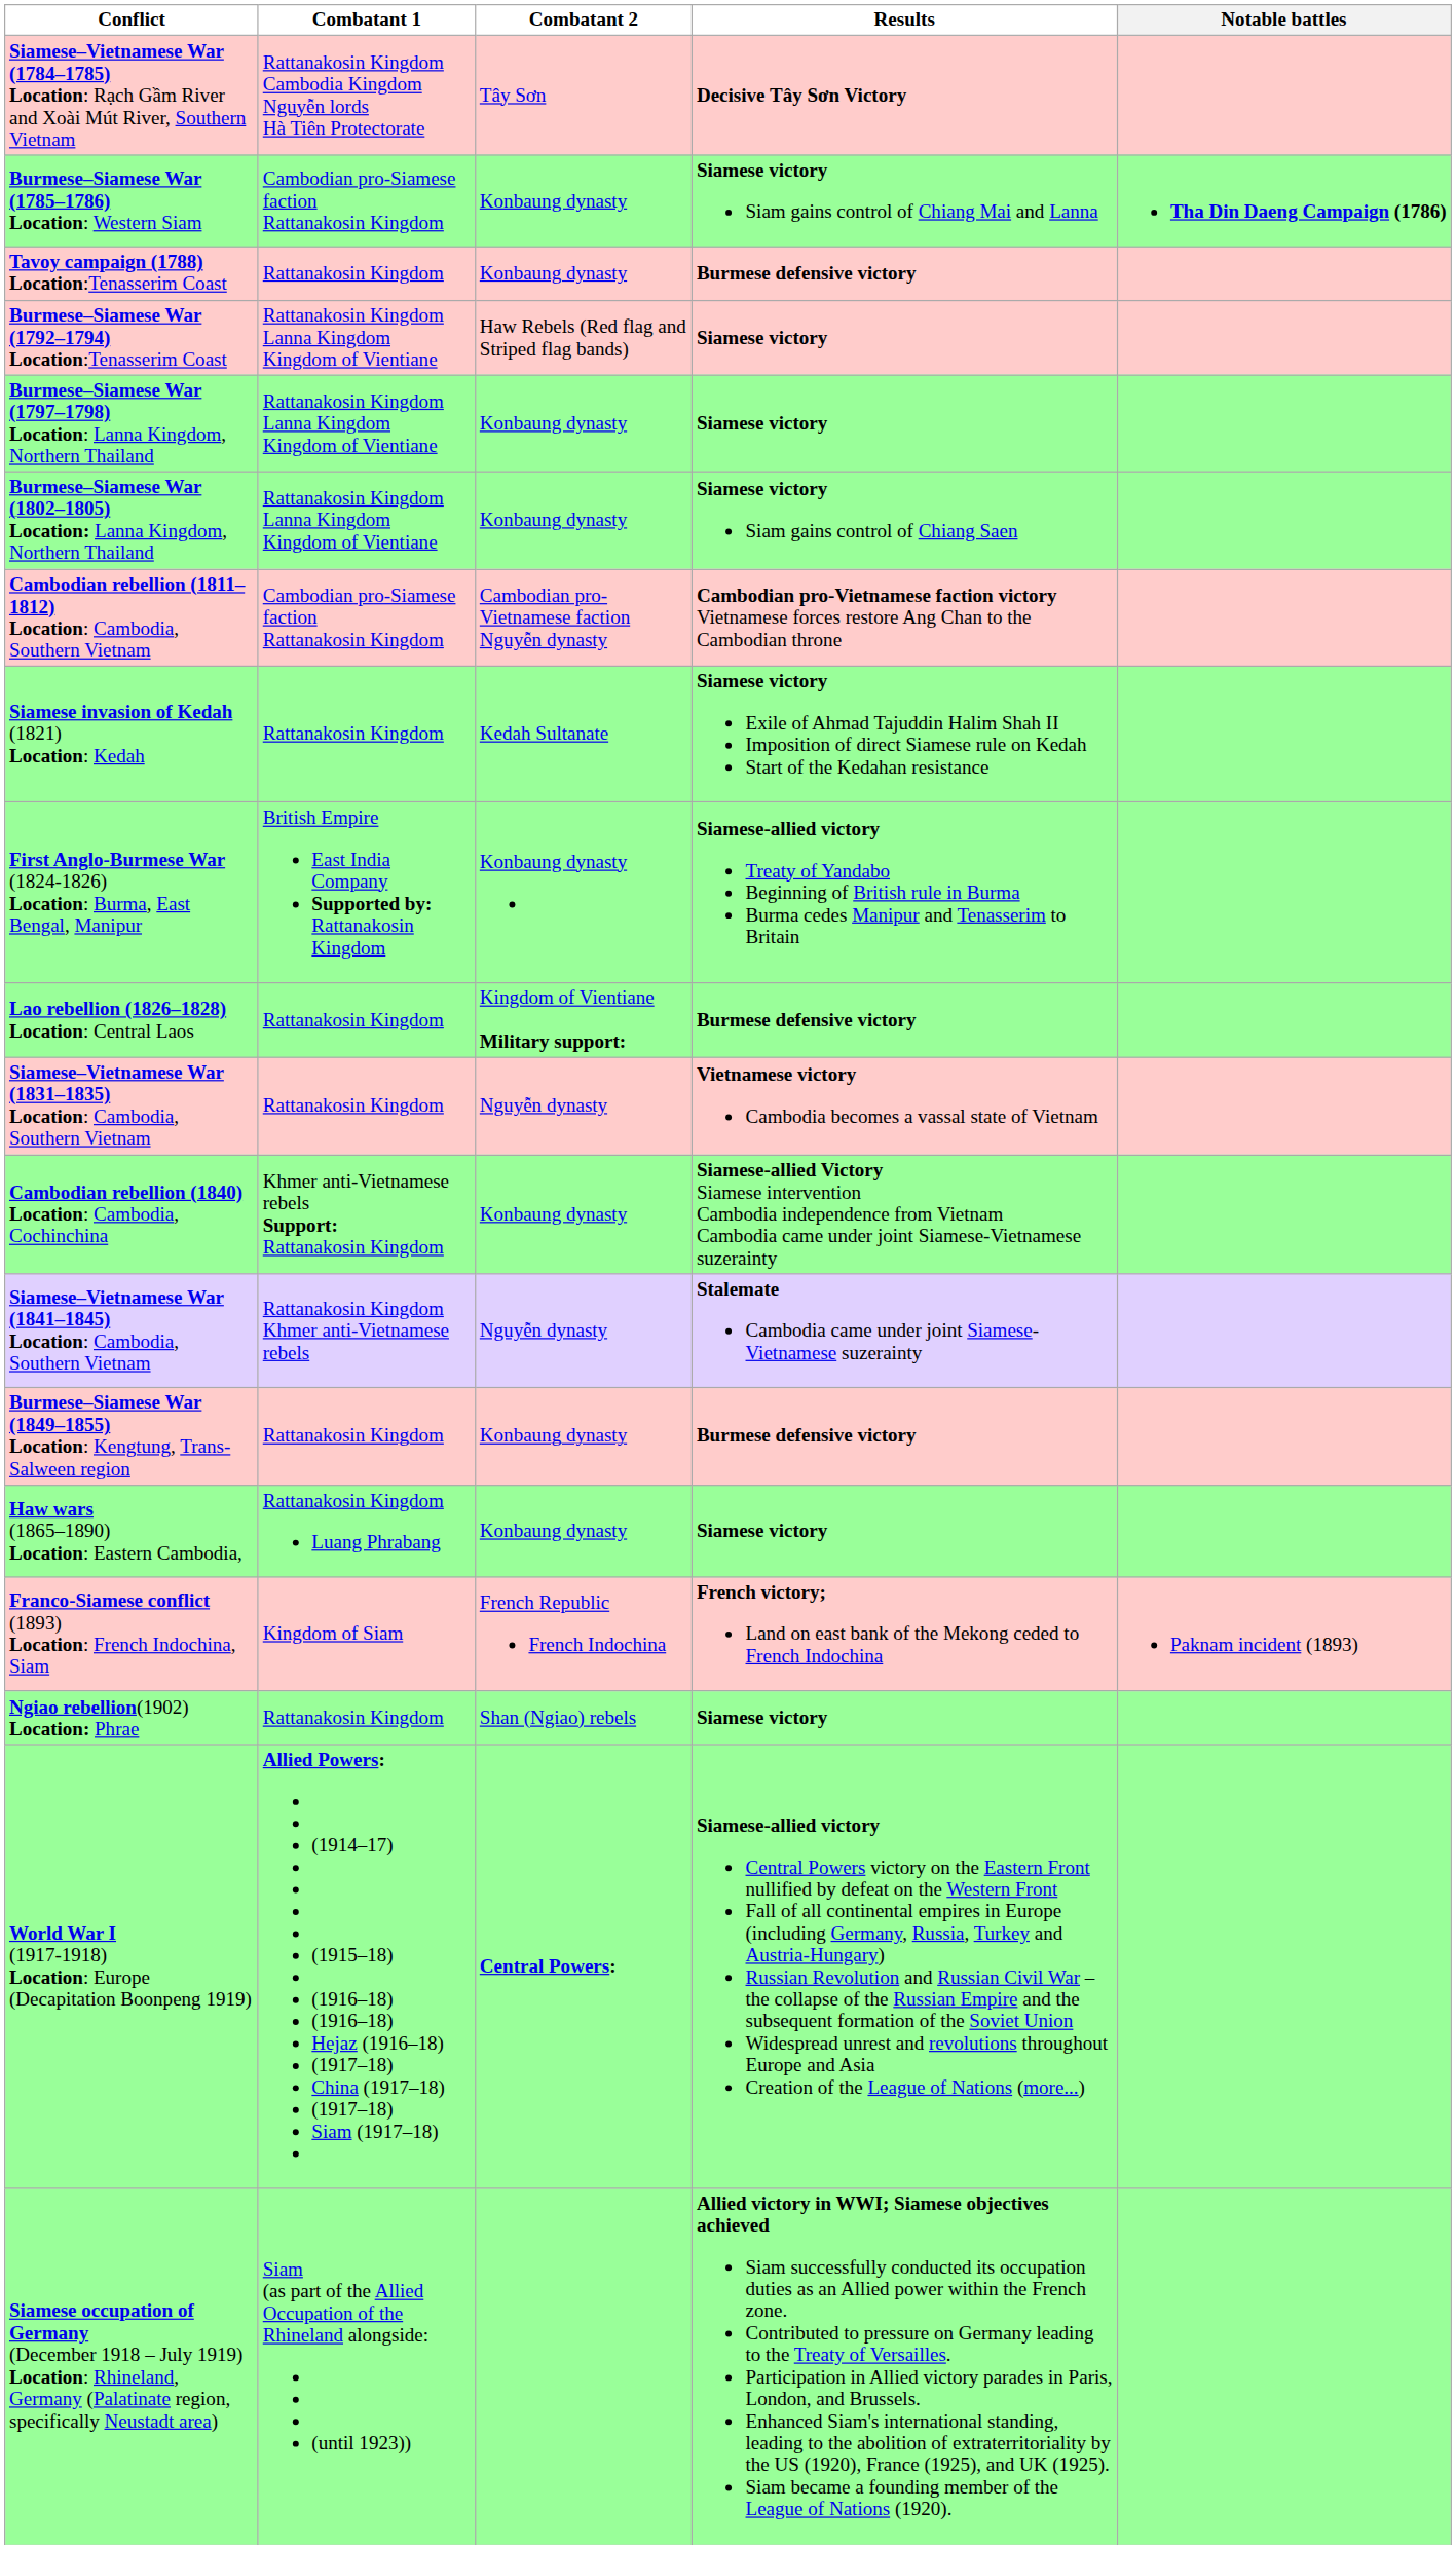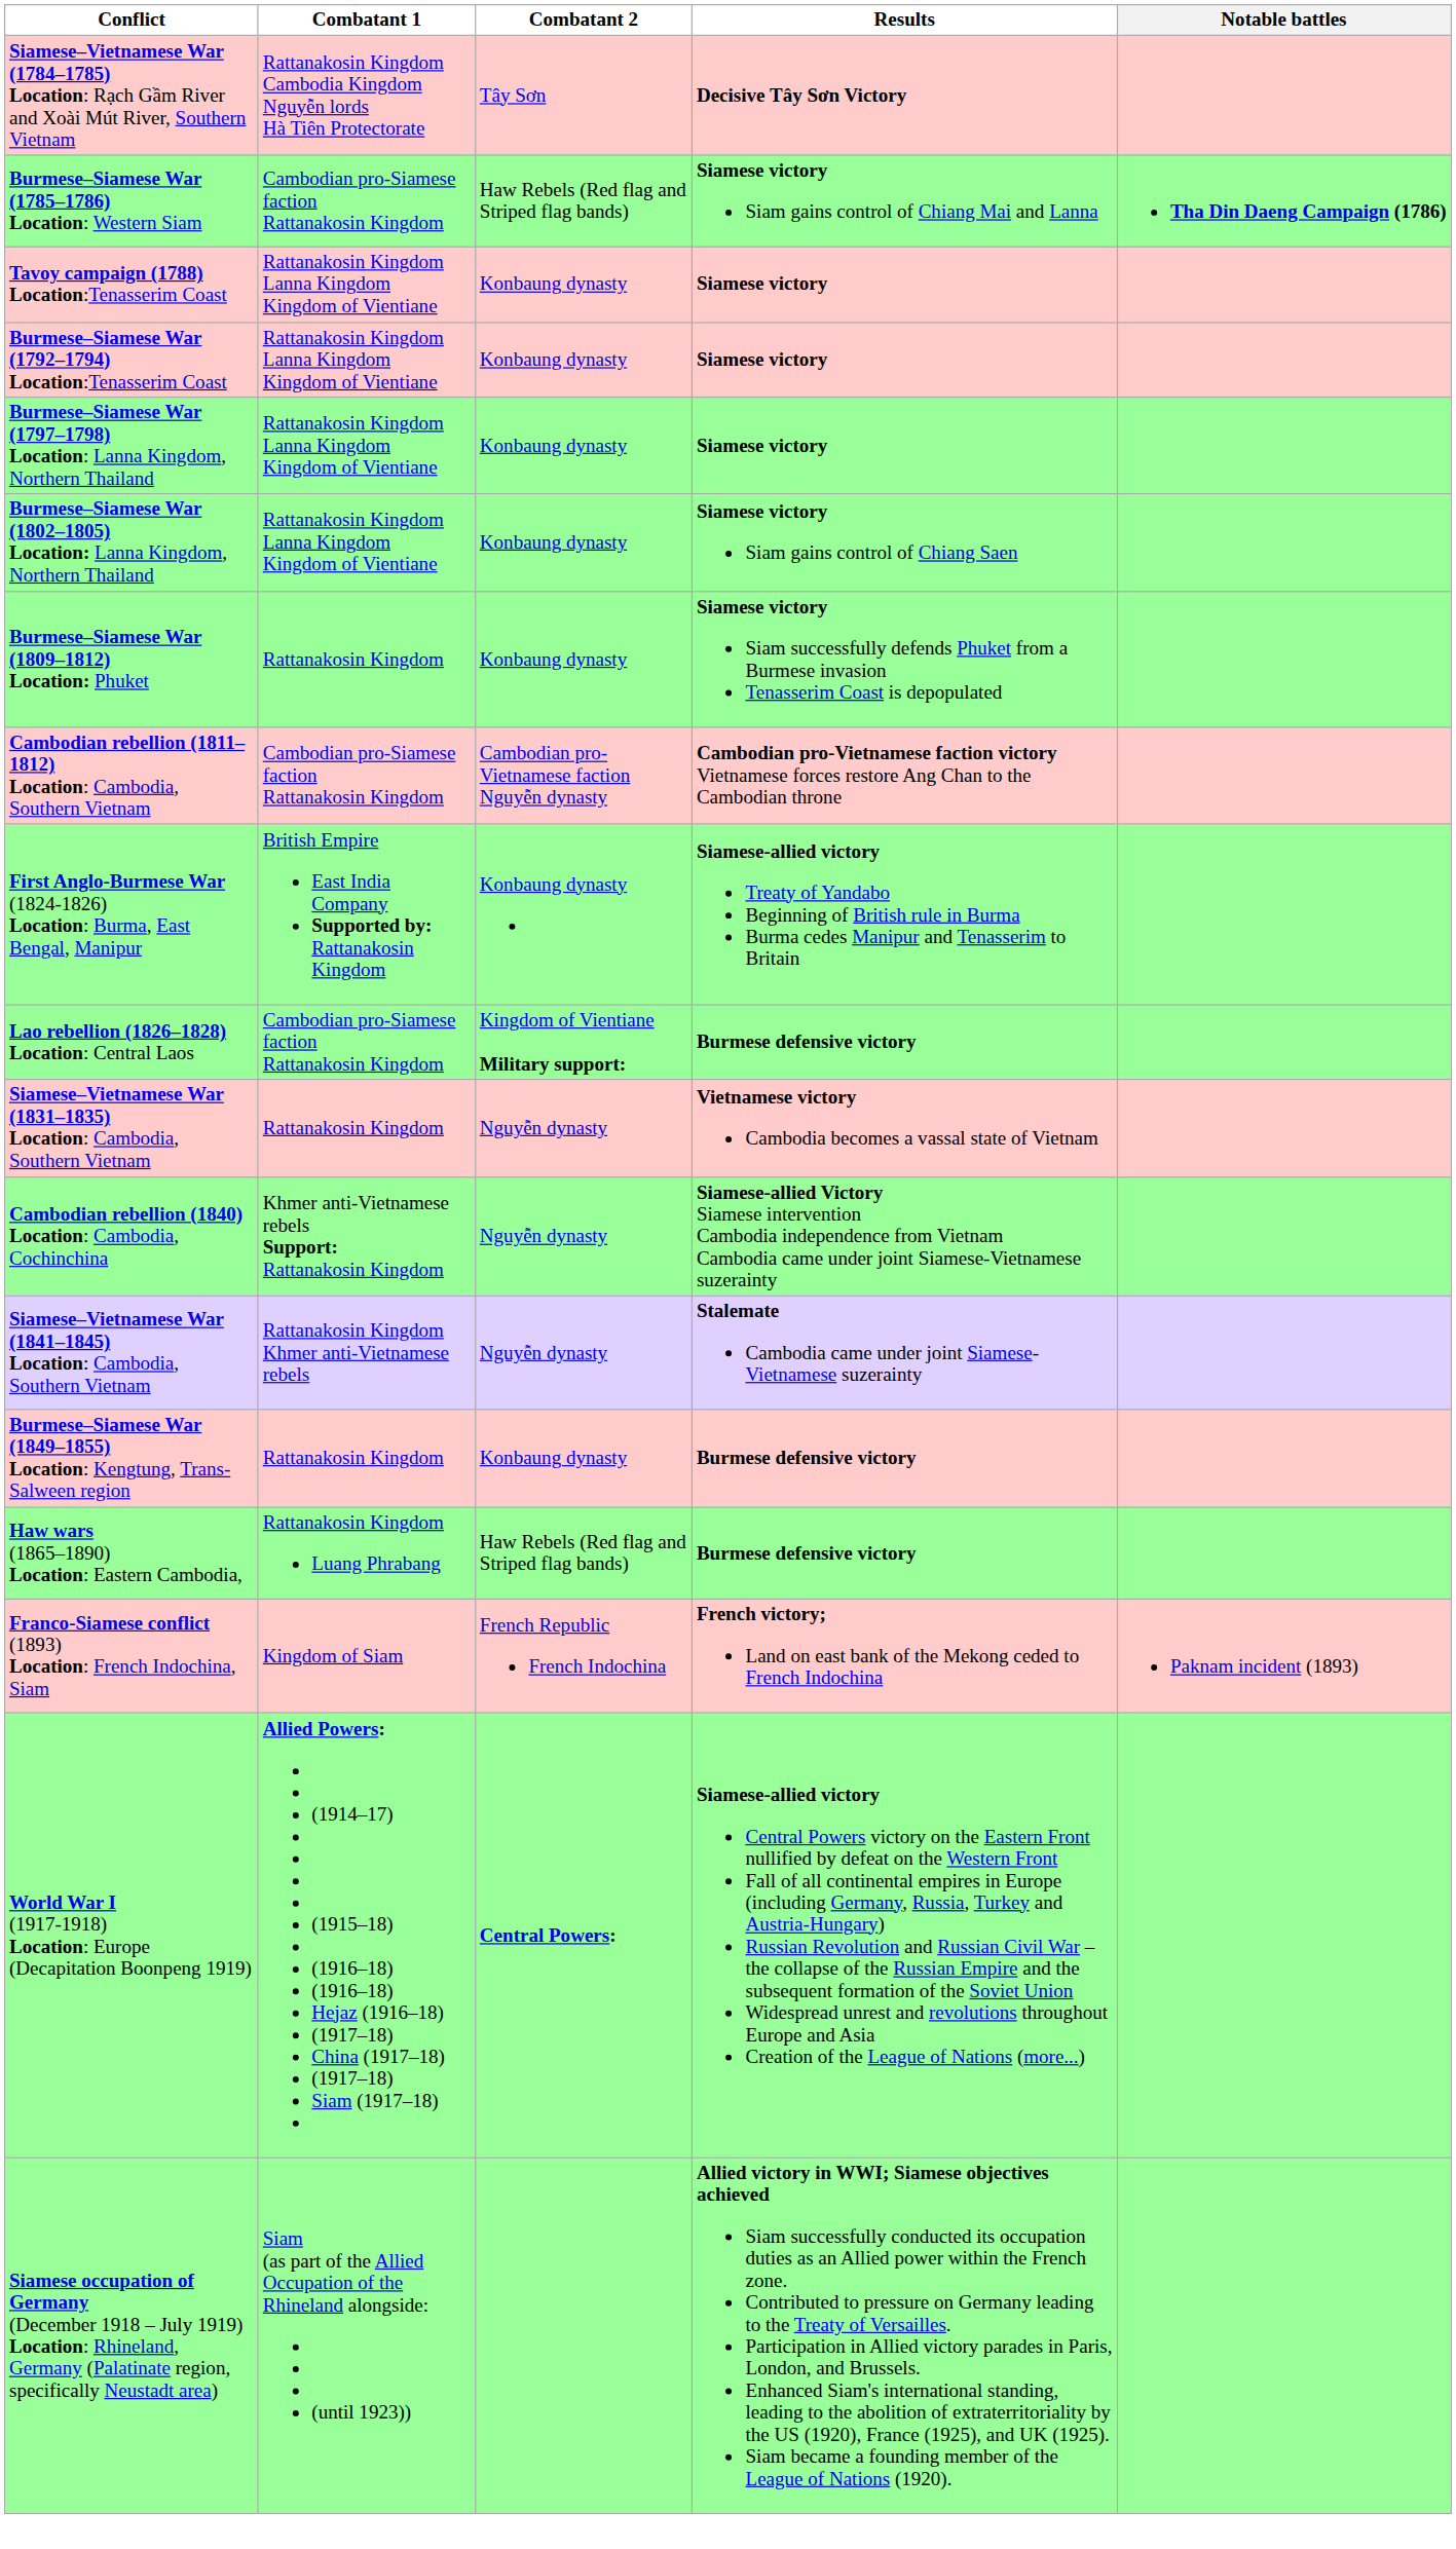 <table class="wikitable">
 <tr>
 <th style="background-color:white;" rowspan="1"width=200px><span>Conflict</span></th>
 <th style="background-color:white;" rowspan="1" width=170px><span>Combatant 1</span></th>
 <th style="background-color:white;" rowspan="1" width=170px><span>Combatant 2</span></th>
 <th style="background-color:white;" rowspan="1" width=340px><span>Results</span></th>
 <th>Notable battles</th>
 </tr>
 <tr bgcolor="#FFCCCB">
 <td><strong><a href='#'>Siamese–Vietnamese War (1784–1785)</a></strong><br><strong>Location</strong>: Rạch Gầm River and Xoài Mút River, <a href='#'>Southern Vietnam</a></td>
 <td> <a href='#'>Rattanakosin Kingdom</a><br> <a href='#'>Cambodia Kingdom</a><br> <a href='#'>Nguyễn lords</a><br><a href='#'>Hà Tiên Protectorate</a></td>
 <td><a href='#'>Tây Sơn</a></td>
 <td><strong>Decisive Tây Sơn Victory</strong></td>
 <td></td>
 </tr>
 <tr bgcolor="#99ff99">
 <td><strong><a href='#'>Burmese–Siamese War (1785–1786)</a></strong><br><strong>Location</strong>: <a href='#'>Western Siam</a></td>
 <td> <a href='#'>Cambodian pro-Siamese faction</a><br> <a href='#'>Rattanakosin Kingdom</a></td>
-<td> <a href='#'>Konbaung dynasty</a></td>
+<td>  Haw Rebels (Red flag and Striped flag bands)</td>
 <td><strong>Siamese victory</strong><br><ul><li>Siam gains control of <a href='#'>Chiang Mai</a> and <a href='#'>Lanna</a></li></ul></td>
 <td><strong><br><ul><li><a href='#'>Tha Din Daeng Campaign</a> (1786)</li></ul></strong></td>
 </tr>
 <tr bgcolor="#FFCCCB">
 <td><strong><a href='#'>Tavoy campaign (1788)</a></strong><br><strong>Location</strong>:<a href='#'>Tenasserim Coast</a></td>
-<td> <a href='#'>Rattanakosin Kingdom</a></td>
+<td> <a href='#'>Rattanakosin Kingdom</a><br><a href='#'>Lanna Kingdom</a><br> <a href='#'>Kingdom of Vientiane</a></td>
 <td> <a href='#'>Konbaung dynasty</a></td>
-<td><strong>Burmese defensive victory</strong></td>
+<td><strong>Siamese victory</strong></td>
 <td></td>
 </tr>
 <tr bgcolor="#FFCCCB">
 <td><strong><a href='#'>Burmese–Siamese War (1792–1794)</a></strong><br><strong>Location</strong>:<a href='#'>Tenasserim Coast</a></td>
 <td> <a href='#'>Rattanakosin Kingdom</a><br><a href='#'>Lanna Kingdom</a><br> <a href='#'>Kingdom of Vientiane</a></td>
-<td>  Haw Rebels (Red flag and Striped flag bands)</td>
+<td> <a href='#'>Konbaung dynasty</a></td>
 <td><strong>Siamese victory</strong></td>
 <td></td>
 </tr>
 <tr bgcolor="#99ff99">
 <td><strong><a href='#'>Burmese–Siamese War (1797–1798)</a></strong><br><strong>Location</strong>: <a href='#'>Lanna Kingdom</a>, <a href='#'>Northern Thailand</a></td>
 <td> <a href='#'>Rattanakosin Kingdom</a><br><a href='#'>Lanna Kingdom</a><br> <a href='#'>Kingdom of Vientiane</a></td>
 <td> <a href='#'>Konbaung dynasty</a></td>
 <td><strong>Siamese victory</strong></td>
 <td></td>
 </tr>
 <tr bgcolor="#99ff99">
 <td><strong><a href='#'>Burmese–Siamese War (1802–1805)</a></strong><br><strong>Location:</strong> <a href='#'>Lanna Kingdom</a>, <a href='#'>Northern Thailand</a></td>
 <td> <a href='#'>Rattanakosin Kingdom</a><br><a href='#'>Lanna Kingdom</a><br> <a href='#'>Kingdom of Vientiane</a></td>
 <td> <a href='#'>Konbaung dynasty</a></td>
 <td><strong>Siamese victory</strong><br><ul><li>Siam gains control of <a href='#'>Chiang Saen</a></li></ul></td>
 <td></td>
 </tr>
+<tr bgcolor="#99ff99">
+<td><strong><a href='#'>Burmese–Siamese War (1809–1812)</a></strong><br><strong>Location:</strong> <a href='#'>Phuket</a></td>
+<td> <a href='#'>Rattanakosin Kingdom</a></td>
+<td> <a href='#'>Konbaung dynasty</a></td>
+<td><strong>Siamese victory</strong><br><ul><li>Siam successfully defends <a href='#'>Phuket</a> from a Burmese invasion</li><li><a href='#'>Tenasserim Coast</a> is depopulated</li></ul></td>
+<td></td>
+</tr>
 <tr bgcolor="#FFCCCB">
 <td><strong><a href='#'>Cambodian rebellion (1811–1812)</a></strong><br><strong>Location</strong>: <a href='#'>Cambodia</a>, <a href='#'>Southern Vietnam</a></td>
 <td> <a href='#'>Cambodian pro-Siamese faction</a><br> <a href='#'>Rattanakosin Kingdom</a></td>
 <td> <a href='#'>Cambodian pro-Vietnamese faction</a><br>  <a href='#'>Nguyễn dynasty</a></td>
 <td><strong>Cambodian pro-Vietnamese faction victory</strong><br>Vietnamese forces restore Ang Chan to the Cambodian throne</td>
-<td></td>
-</tr>
-<tr bgcolor="#99ff99">
-<td><strong><a href='#'>Siamese invasion of Kedah</a></strong><br>(1821)<br><strong>Location</strong>: <a href='#'>Kedah</a></td>
-<td> <a href='#'>Rattanakosin Kingdom</a></td>
-<td> <a href='#'>Kedah Sultanate</a></td>
-<td><strong>Siamese victory</strong><br><ul><li>Exile of Ahmad Tajuddin Halim Shah II</li><li>Imposition of direct Siamese rule on Kedah</li><li>Start of the Kedahan resistance</li></ul></td>
 <td></td>
 </tr>
 <tr bgcolor="#99ff99">
 <td><strong><a href='#'>First Anglo-Burmese War</a></strong><br>(1824-1826)<br><strong>Location</strong>: <a href='#'>Burma</a>, <a href='#'>East Bengal</a>, <a href='#'>Manipur</a> </td>
 <td> <a href='#'>British Empire</a><br><ul><li> <a href='#'>East India Company</a></li><li><strong>Supported by:</strong><br> <a href='#'>Rattanakosin Kingdom</a></li></ul></td>
 <td> <a href='#'>Konbaung dynasty</a><br><ul><li></li></ul></td>
 <td><strong>Siamese-allied victory</strong><br><ul><li><a href='#'>Treaty of Yandabo</a></li><li>Beginning of <a href='#'>British rule in Burma</a></li><li>Burma cedes <a href='#'>Manipur</a> and <a href='#'>Tenasserim</a> to Britain</li></ul></td>
 <td></td>
 </tr>
 <tr bgcolor="#99ff99">
 <td><strong><a href='#'>Lao rebellion (1826–1828)</a></strong><br><strong>Location</strong>: Central Laos</td>
-<td> <a href='#'>Rattanakosin Kingdom</a></td>
+<td> <a href='#'>Cambodian pro-Siamese faction</a><br> <a href='#'>Rattanakosin Kingdom</a></td>
 <td> <a href='#'>Kingdom of Vientiane</a><br><br><strong>Military support:</strong><br></td>
 <td><strong>Burmese defensive victory</strong></td>
 <td></td>
 </tr>
 <tr bgcolor="#FFCCCB">
 <td><strong><a href='#'>Siamese–Vietnamese War (1831–1835)</a></strong><br><strong>Location</strong>: <a href='#'>Cambodia</a>, <a href='#'>Southern Vietnam</a> </td>
 <td> <a href='#'>Rattanakosin Kingdom</a></td>
 <td><a href='#'>Nguyễn dynasty</a></td>
 <td><strong>Vietnamese victory</strong><br><ul><li>Cambodia becomes a vassal state of Vietnam</li></ul></td>
 <td></td>
 </tr>
 <tr bgcolor="#99ff99">
 <td><strong><a href='#'>Cambodian rebellion (1840)</a></strong><br><strong>Location</strong>: <a href='#'>Cambodia</a>, <a href='#'>Cochinchina</a></td>
 <td> Khmer anti-Vietnamese rebels<br><strong>Support:</strong> <br> <a href='#'>Rattanakosin Kingdom</a></td>
-<td> <a href='#'>Konbaung dynasty</a></td>
+<td><a href='#'>Nguyễn dynasty</a></td>
 <td><strong>Siamese-allied Victory</strong><br>Siamese intervention<br>Cambodia independence from Vietnam<br>Cambodia came under joint Siamese-Vietnamese suzerainty</td>
 <td></td>
 </tr>
 <tr bgcolor="#E0D0FF">
 <td><strong><a href='#'>Siamese–Vietnamese War (1841–1845)</a></strong><br><strong>Location</strong>: <a href='#'>Cambodia</a>, <a href='#'>Southern Vietnam</a> </td>
 <td> <a href='#'>Rattanakosin Kingdom</a><br> <a href='#'>Khmer anti-Vietnamese rebels</a></td>
 <td><a href='#'>Nguyễn dynasty</a></td>
 <td><strong>Stalemate</strong><br><ul><li>Cambodia came under joint <a href='#'>Siamese</a>-<a href='#'>Vietnamese</a> suzerainty</li></ul></td>
 <td></td>
 </tr>
 <tr bgcolor="#FFCCCB">
 <td><strong><a href='#'>Burmese–Siamese War (1849–1855)</a></strong><br><strong>Location</strong>: <a href='#'>Kengtung</a>, <a href='#'>Trans-Salween region</a></td>
 <td> <a href='#'>Rattanakosin Kingdom</a></td>
 <td> <a href='#'>Konbaung dynasty</a></td>
 <td><strong>Burmese defensive victory</strong></td>
 <td></td>
 </tr>
 <tr bgcolor="#99ff99">
 <td><strong><a href='#'>Haw wars</a></strong><br>(1865–1890)<br><strong>Location</strong>: Eastern Cambodia,  </td>
 <td> <a href='#'>Rattanakosin Kingdom</a><br><ul><li> <a href='#'>Luang Phrabang</a></li></ul></td>
-<td> <a href='#'>Konbaung dynasty</a></td>
-<td><strong>Siamese victory</strong></td>
+<td>  Haw Rebels (Red flag and Striped flag bands)</td>
+<td><strong>Burmese defensive victory</strong></td>
 <td></td>
 </tr>
 <tr bgcolor="#FFCCCB">
 <td><strong><a href='#'>Franco-Siamese conflict</a></strong><br>(1893)<br><strong>Location</strong>: <a href='#'>French Indochina</a>, <a href='#'>Siam</a> </td>
 <td> <a href='#'>Kingdom of Siam</a></td>
 <td> <a href='#'>French Republic</a><br><ul><li> <a href='#'>French Indochina</a></li></ul></td>
 <td><strong>French victory;</strong><br><ul><li>Land on east bank of the Mekong ceded to <a href='#'>French Indochina</a></li></ul></td>
 <td><br><ul><li><a href='#'>Paknam incident</a> (1893)</li></ul></td>
-</tr>
-<tr bgcolor="#99ff99">
-<td><strong><a href='#'>Ngiao rebellion</a></strong>(1902)<br><strong>Location:</strong> <a href='#'>Phrae</a></td>
-<td> <a href='#'>Rattanakosin Kingdom</a></td>
-<td><a href='#'>Shan (Ngiao) rebels</a></td>
-<td><strong>Siamese victory</strong></td>
-<td></td>
 </tr>
 <tr bgcolor="#99ff99">
 <td><strong><a href='#'>World War I</a></strong><br>(1917-1918)<br><strong>Location</strong>: Europe (Decapitation  Boonpeng 1919) </td>
 <td><strong><a href='#'>Allied Powers</a>:</strong><br><ul><li></li><li></li><li> (1914–17)</li><li></li><li></li><li></li><li></li><li> (1915–18)</li><li></li><li> (1916–18)</li><li> (1916–18)</li><li> <a href='#'>Hejaz</a> (1916–18)</li><li> (1917–18)</li><li> <a href='#'>China</a> (1917–18)</li><li> (1917–18)</li><li> <a href='#'>Siam</a> (1917–18)</li><li></li></ul></td>
 <td><strong><a href='#'>Central Powers</a>:</strong></td>
 <td><strong>Siamese-allied victory</strong><br><ul><li><a href='#'>Central Powers</a> victory on the <a href='#'>Eastern Front</a> nullified by defeat on the <a href='#'>Western Front</a></li><li>Fall of all continental empires in Europe (including <a href='#'>Germany</a>, <a href='#'>Russia</a>, <a href='#'>Turkey</a> and <a href='#'>Austria-Hungary</a>)</li><li><a href='#'>Russian Revolution</a> and <a href='#'>Russian Civil War</a> – the collapse of the <a href='#'>Russian Empire</a> and the subsequent formation of the <a href='#'>Soviet Union</a></li><li>Widespread unrest and <a href='#'>revolutions</a> throughout Europe and Asia</li><li>Creation of the <a href='#'>League of Nations</a> (<a href='#'>more...</a>)</li></ul></td>
 <td></td>
 </tr>
 <tr bgcolor="#99ff99">
 <td><strong><a href='#'>Siamese occupation of Germany</a></strong><br>(December 1918 – July 1919)<br><strong>Location</strong>: <a href='#'>Rhineland</a>, <a href='#'>Germany</a> (<a href='#'>Palatinate</a> region, specifically <a href='#'>Neustadt area</a>) </td>
 <td> <a href='#'>Siam</a><br>(as part of the <a href='#'>Allied Occupation of the Rhineland</a> alongside:<br><ul><li></li><li></li><li></li><li> (until 1923))</li></ul></td>
 <td></td>
 <td><strong>Allied victory in WWI; Siamese objectives achieved</strong><br><ul><li>Siam successfully conducted its occupation duties as an Allied power within the French zone.</li><li>Contributed to pressure on Germany leading to the <a href='#'>Treaty of Versailles</a>.</li><li>Participation in Allied victory parades in Paris, London, and Brussels.</li><li>Enhanced Siam's international standing, leading to the abolition of extraterritoriality by the US (1920), France (1925), and UK (1925).</li><li>Siam became a founding member of the <a href='#'>League of Nations</a> (1920).</li></ul></td>
 <td></td>
 </tr>
 </table>
